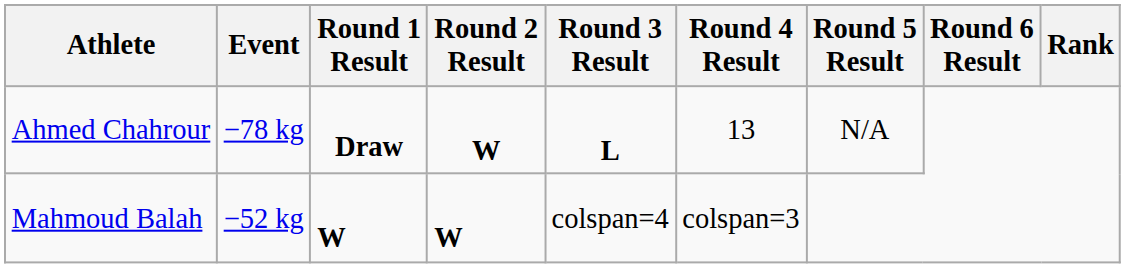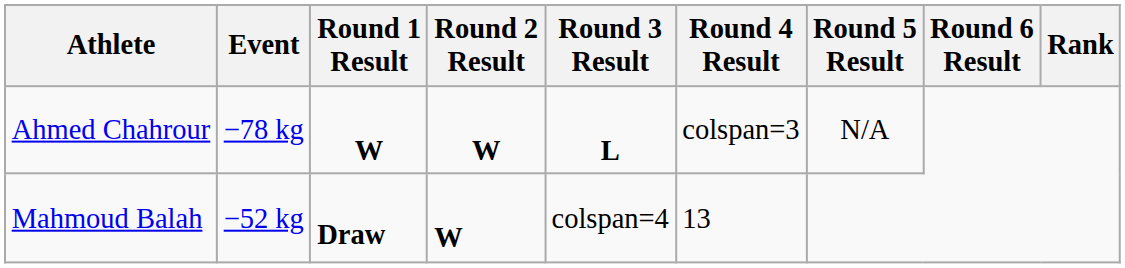 <table class="wikitable" style="font-size:90%">
 <tr>
 <th>Athlete</th>
 <th>Event</th>
 <th>Round 1<br>Result</th>
 <th>Round 2<br>Result</th>
 <th>Round 3<br>Result</th>
 <th>Round 4<br>Result</th>
 <th>Round 5<br>Result</th>
 <th>Round 6<br>Result</th>
 <th>Rank</th>
 </tr>
 <tr align=center>
 <td align=left><a href='#'>Ahmed Chahrour</a></td>
 <td align=left><a href='#'>−78 kg</a></td>
-<td><br><strong>Draw</strong></td>
+<td><br><strong>W</strong> <sup> </sup></td>
 <td><br><strong>W</strong> <sup> </sup></td>
 <td><br><strong>L</strong> <sup></sup></td>
-<td>13</td>
+<td>colspan=3 </td>
 <td>N/A</td>
 </tr>
 <tr>
 <td align=left><a href='#'>Mahmoud Balah</a></td>
 <td align=left><a href='#'>−52 kg</a></td>
-<td><br><strong>W</strong> <sup> </sup></td>
+<td><br><strong>Draw</strong></td>
 <td><br><strong>W</strong> <sup> </sup></td>
 <td>colspan=4 </td>
-<td>colspan=3 </td>
+<td>13</td>
 </tr>
 </table>
